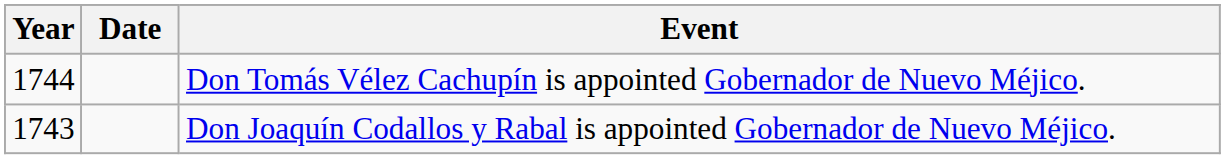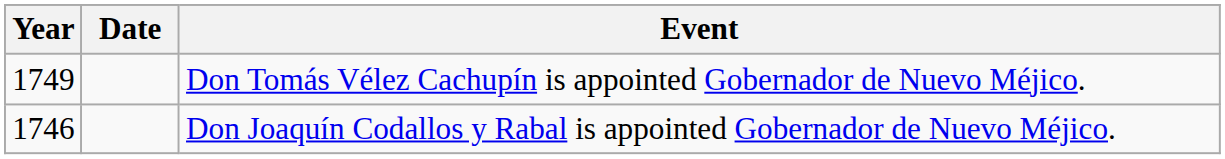 <table class="wikitable" style="width:100%;">
 <tr>
 <th style="width:6%">Year</th>
 <th style="width:8%">Date</th>
 <th style="width:86%">Event</th>
 </tr>
 <tr>
-<td align=center>1744</td>
+<td align=center>1749</td>
 <td align=center> </td>
 <td><a href='#'>Don Tomás Vélez Cachupín</a> is appointed <a href='#'>Gobernador de Nuevo Méjico</a>.</td>
 </tr>
 <tr>
-<td align=center>1743</td>
+<td align=center>1746</td>
 <td align=center> </td>
 <td><a href='#'>Don Joaquín Codallos y Rabal</a> is appointed <a href='#'>Gobernador de Nuevo Méjico</a>.</td>
 </tr>
 </table>
